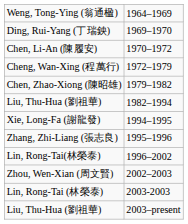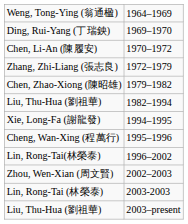 <table class="wikitable">
 <tr>
 <td>Weng, Tong-Ying (翁通楹)</td>
 <td>1964–1969</td>
 </tr>
 <tr>
 <td>Ding, Rui-Yang (丁瑞鉠)</td>
 <td>1969–1970</td>
 </tr>
 <tr>
 <td>Chen, Li-An (陳履安)</td>
 <td>1970–1972</td>
 </tr>
 <tr>
-<td>Cheng, Wan-Xing (程萬行)</td>
+<td>Zhang, Zhi-Liang (張志良)</td>
 <td>1972–1979</td>
 </tr>
 <tr>
 <td>Chen, Zhao-Xiong (陳昭雄)</td>
 <td>1979–1982</td>
 </tr>
 <tr>
 <td>Liu, Thu-Hua (劉祖華)</td>
 <td>1982–1994</td>
 </tr>
 <tr>
 <td>Xie, Long-Fa (謝龍發)</td>
 <td>1994–1995</td>
 </tr>
 <tr>
-<td>Zhang, Zhi-Liang (張志良)</td>
+<td>Cheng, Wan-Xing (程萬行)</td>
 <td>1995–1996</td>
 </tr>
 <tr>
 <td>Lin, Rong-Tai(林榮泰)</td>
 <td>1996–2002</td>
 </tr>
 <tr>
 <td>Zhou, Wen-Xian (周文賢)</td>
 <td>2002–2003</td>
 </tr>
 <tr>
 <td>Lin, Rong-Tai (林榮泰)</td>
 <td>2003-2003</td>
 </tr>
 <tr>
 <td>Liu, Thu-Hua (劉祖華)</td>
 <td>2003–present</td>
 </tr>
 </table>
